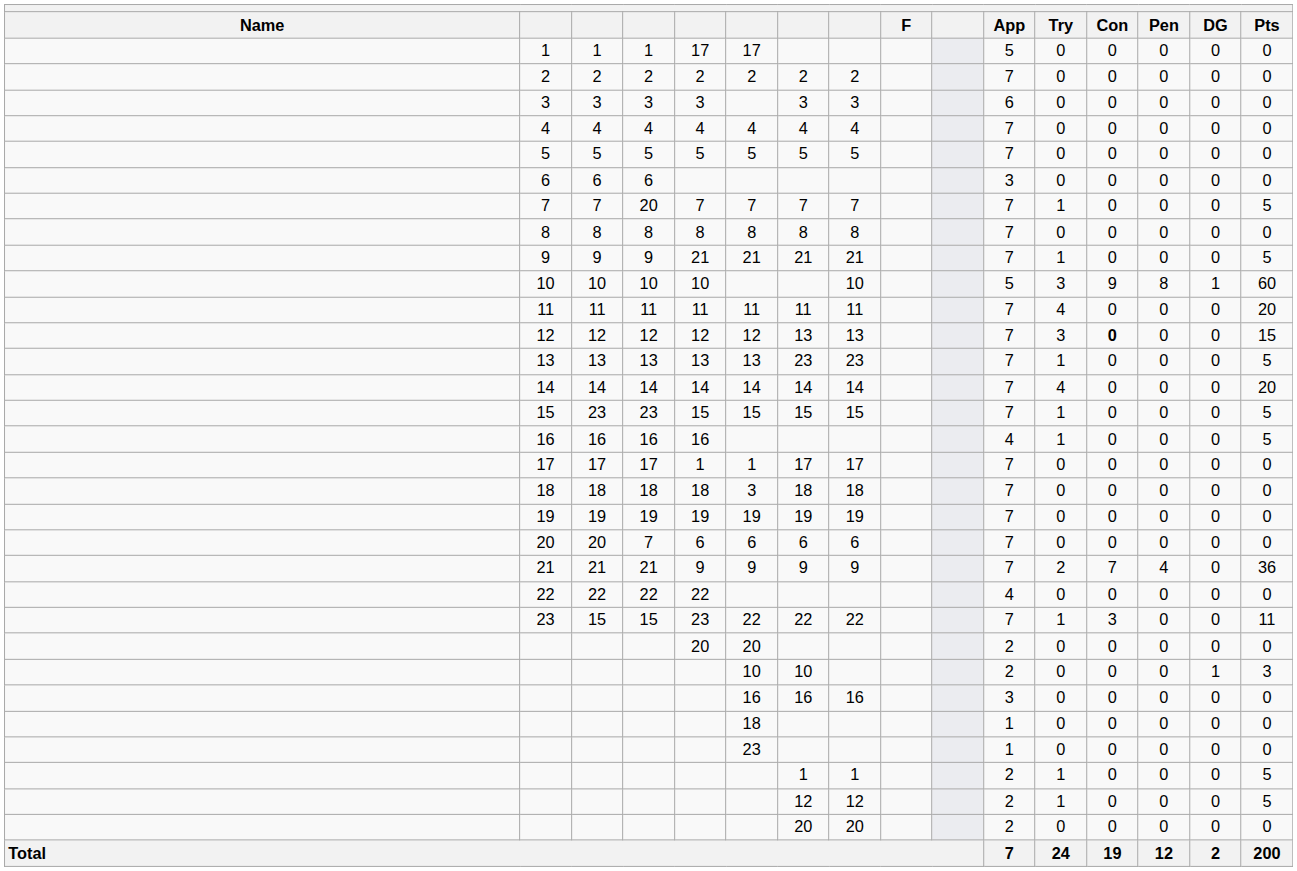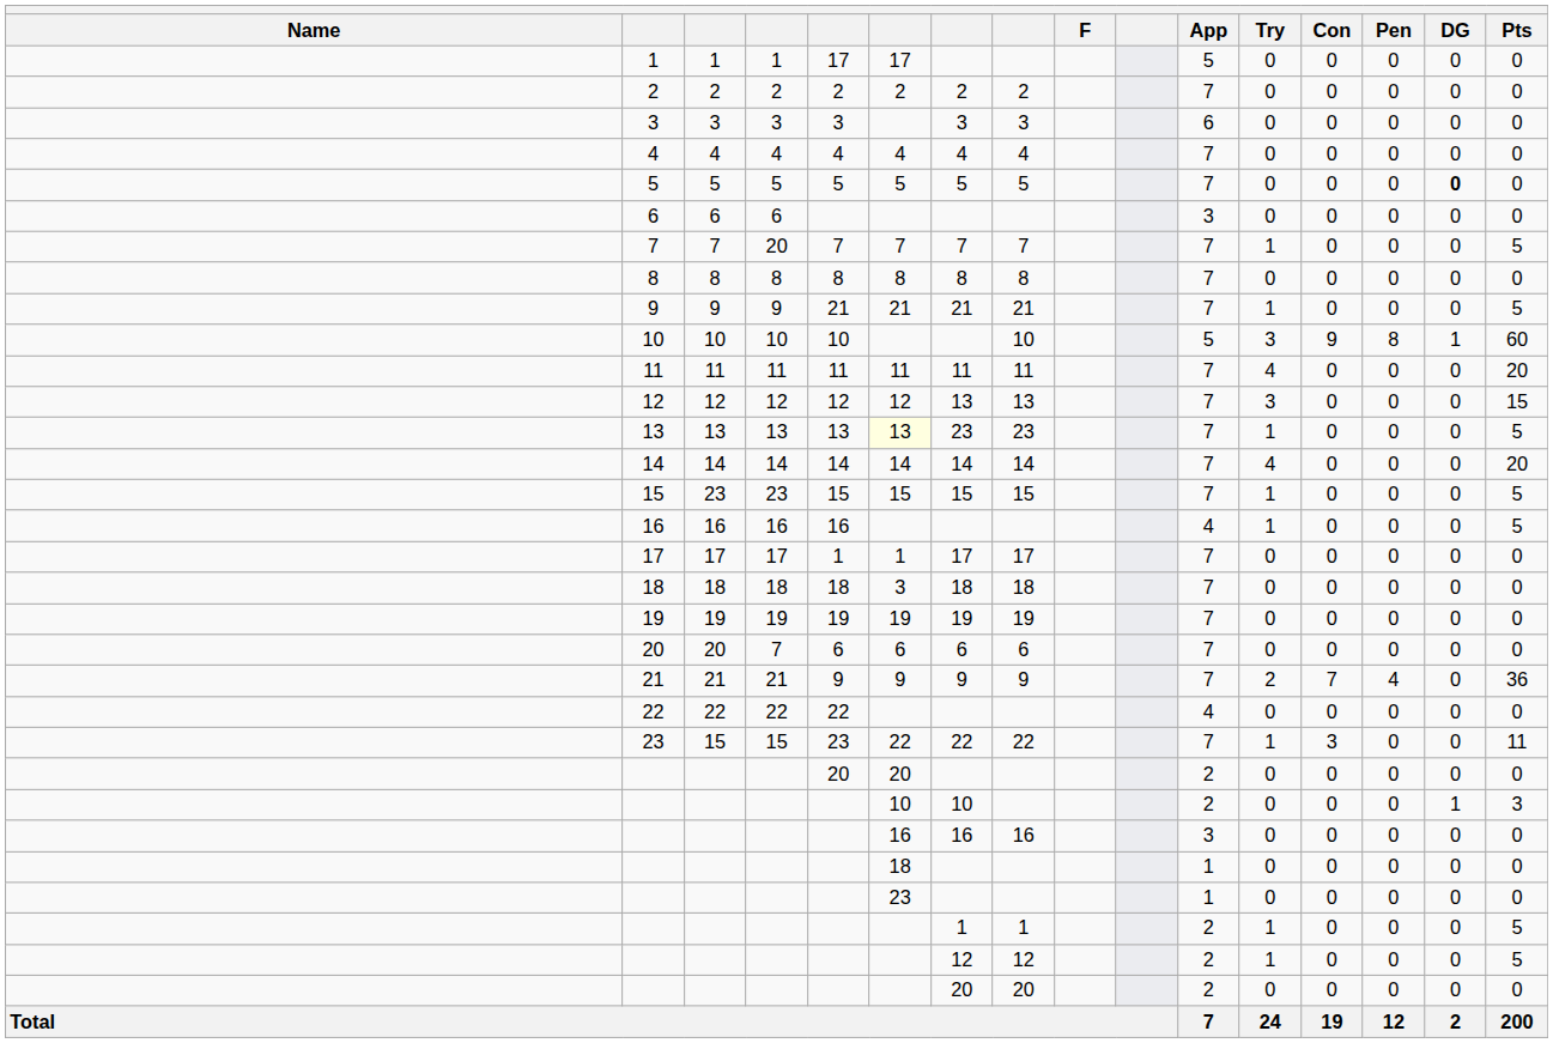 <table class="wikitable collapsible collapsed" style="text-align:center; font-size:100%; width:100%">
 <tr>
 <th colspan="100%"></th>
 </tr>
 <tr>
 <th style="width:40%;">Name</th>
 <th style="width:4%;"></th>
 <th style="width:4%;"></th>
 <th style="width:4%;"></th>
 <th style="width:4%;"></th>
 <th style="width:4%;"></th>
 <th style="width:4%;"></th>
 <th style="width:4%;"></th>
 <th style="width:4%;">F</th>
 <th style="width:4%;"></th>
 <th style="width:4%;">App</th>
 <th style="width:4%;">Try</th>
 <th style="width:4%;">Con</th>
 <th style="width:4%;">Pen</th>
 <th style="width:4%;">DG</th>
 <th style="width:4%;">Pts</th>
 </tr>
 <tr>
 <td style="text-align:left;"></td>
 <td>1</td>
 <td>1</td>
 <td>1</td>
 <td>17 </td>
 <td>17 </td>
 <td></td>
 <td></td>
 <td></td>
 <td style="background:#EBECF0;"></td>
 <td>5</td>
 <td>0</td>
 <td>0</td>
 <td>0</td>
 <td>0</td>
 <td>0</td>
 </tr>
 <tr>
 <td style="text-align:left;"></td>
 <td>2</td>
 <td>2</td>
 <td>2</td>
 <td>2</td>
 <td>2</td>
 <td>2</td>
 <td>2</td>
 <td></td>
 <td style="background:#EBECF0;"></td>
 <td>7</td>
 <td>0</td>
 <td>0</td>
 <td>0</td>
 <td>0</td>
 <td>0</td>
 </tr>
 <tr>
 <td style="text-align:left;"></td>
 <td>3</td>
 <td>3</td>
 <td>3</td>
 <td>3</td>
 <td></td>
 <td>3</td>
 <td>3</td>
 <td></td>
 <td style="background:#EBECF0;"></td>
 <td>6</td>
 <td>0</td>
 <td>0</td>
 <td>0</td>
 <td>0</td>
 <td>0</td>
 </tr>
 <tr>
 <td style="text-align:left;"></td>
 <td>4</td>
 <td>4</td>
 <td>4</td>
 <td>4</td>
 <td>4</td>
 <td>4</td>
 <td>4</td>
 <td></td>
 <td style="background:#EBECF0;"></td>
 <td>7</td>
 <td>0</td>
 <td>0</td>
 <td>0</td>
 <td>0</td>
 <td>0</td>
 </tr>
 <tr>
 <td style="text-align:left;"></td>
 <td>5</td>
 <td>5</td>
 <td>5</td>
 <td>5</td>
 <td>5</td>
 <td>5</td>
 <td>5</td>
 <td></td>
 <td style="background:#EBECF0;"></td>
 <td>7</td>
 <td>0</td>
 <td>0</td>
 <td>0</td>
-<td>0</td>
+<td><strong>0</strong></td>
 <td>0</td>
 </tr>
 <tr>
 <td style="text-align:left;"></td>
 <td>6</td>
 <td>6</td>
 <td>6</td>
 <td></td>
 <td></td>
 <td></td>
 <td></td>
 <td></td>
 <td style="background:#EBECF0;"></td>
 <td>3</td>
 <td>0</td>
 <td>0</td>
 <td>0</td>
 <td>0</td>
 <td>0</td>
 </tr>
 <tr>
 <td style="text-align:left;"></td>
 <td>7</td>
 <td>7</td>
 <td>20 </td>
 <td>7</td>
 <td>7</td>
 <td>7</td>
 <td>7</td>
 <td></td>
 <td style="background:#EBECF0;"></td>
 <td>7</td>
 <td>1</td>
 <td>0</td>
 <td>0</td>
 <td>0</td>
 <td>5</td>
 </tr>
 <tr>
 <td style="text-align:left;"></td>
 <td>8</td>
 <td>8</td>
 <td>8</td>
 <td>8</td>
 <td>8</td>
 <td>8</td>
 <td>8</td>
 <td></td>
 <td style="background:#EBECF0;"></td>
 <td>7</td>
 <td>0</td>
 <td>0</td>
 <td>0</td>
 <td>0</td>
 <td>0</td>
 </tr>
 <tr>
 <td style="text-align:left;"></td>
 <td>9</td>
 <td>9</td>
 <td>9</td>
 <td>21 </td>
 <td>21 </td>
 <td>21 </td>
 <td>21 </td>
 <td></td>
 <td style="background:#EBECF0;"></td>
 <td>7</td>
 <td>1</td>
 <td>0</td>
 <td>0</td>
 <td>0</td>
 <td>5</td>
 </tr>
 <tr>
 <td style="text-align:left;"></td>
 <td>10</td>
 <td>10</td>
 <td>10</td>
 <td>10</td>
 <td></td>
 <td></td>
 <td>10</td>
 <td></td>
 <td style="background:#EBECF0;"></td>
 <td>5</td>
 <td>3</td>
 <td>9</td>
 <td>8</td>
 <td>1</td>
 <td>60</td>
 </tr>
 <tr>
 <td style="text-align:left;"></td>
 <td>11</td>
 <td>11</td>
 <td>11</td>
 <td>11</td>
 <td>11</td>
 <td>11</td>
 <td>11</td>
 <td></td>
 <td style="background:#EBECF0;"></td>
 <td>7</td>
 <td>4</td>
 <td>0</td>
 <td>0</td>
 <td>0</td>
 <td>20</td>
 </tr>
 <tr>
 <td style="text-align:left;"></td>
 <td>12</td>
 <td>12</td>
 <td>12</td>
 <td>12</td>
 <td>12</td>
 <td>13</td>
 <td>13</td>
 <td></td>
 <td style="background:#EBECF0;"></td>
 <td>7</td>
 <td>3</td>
-<td><strong>0</strong></td>
+<td>0</td>
 <td>0</td>
 <td>0</td>
 <td>15</td>
 </tr>
 <tr>
 <td style="text-align:left;"></td>
 <td>13</td>
 <td>13</td>
 <td>13</td>
 <td>13</td>
-<td>13</td>
+<td style="background: lightyellow;">13</td>
 <td>23 </td>
 <td>23 </td>
 <td></td>
 <td style="background:#EBECF0;"></td>
 <td>7</td>
 <td>1</td>
 <td>0</td>
 <td>0</td>
 <td>0</td>
 <td>5</td>
 </tr>
 <tr>
 <td style="text-align:left;"></td>
 <td>14</td>
 <td>14</td>
 <td>14</td>
 <td>14</td>
 <td>14</td>
 <td>14</td>
 <td>14</td>
 <td></td>
 <td style="background:#EBECF0;"></td>
 <td>7</td>
 <td>4</td>
 <td>0</td>
 <td>0</td>
 <td>0</td>
 <td>20</td>
 </tr>
 <tr>
 <td style="text-align:left;"></td>
 <td>15</td>
 <td>23 </td>
 <td>23 </td>
 <td>15</td>
 <td>15</td>
 <td>15</td>
 <td>15</td>
 <td></td>
 <td style="background:#EBECF0;"></td>
 <td>7</td>
 <td>1</td>
 <td>0</td>
 <td>0</td>
 <td>0</td>
 <td>5</td>
 </tr>
 <tr>
 <td style="text-align:left;"></td>
 <td>16 </td>
 <td>16 </td>
 <td>16 </td>
 <td>16 </td>
 <td></td>
 <td></td>
 <td></td>
 <td></td>
 <td style="background:#EBECF0;"></td>
 <td>4</td>
 <td>1</td>
 <td>0</td>
 <td>0</td>
 <td>0</td>
 <td>5</td>
 </tr>
 <tr>
 <td style="text-align:left;"></td>
 <td>17 </td>
 <td>17 </td>
 <td>17 </td>
 <td>1</td>
 <td>1</td>
 <td>17 </td>
 <td>17 </td>
 <td></td>
 <td style="background:#EBECF0;"></td>
 <td>7</td>
 <td>0</td>
 <td>0</td>
 <td>0</td>
 <td>0</td>
 <td>0</td>
 </tr>
 <tr>
 <td style="text-align:left;"></td>
 <td>18 </td>
 <td>18 </td>
 <td>18 </td>
 <td>18 </td>
 <td>3</td>
 <td>18 </td>
 <td>18 </td>
 <td></td>
 <td style="background:#EBECF0;"></td>
 <td>7</td>
 <td>0</td>
 <td>0</td>
 <td>0</td>
 <td>0</td>
 <td>0</td>
 </tr>
 <tr>
 <td style="text-align:left;"></td>
 <td>19 </td>
 <td>19 </td>
 <td>19 </td>
 <td>19 </td>
 <td>19 </td>
 <td>19 </td>
 <td>19 </td>
 <td></td>
 <td style="background:#EBECF0;"></td>
 <td>7</td>
 <td>0</td>
 <td>0</td>
 <td>0</td>
 <td>0</td>
 <td>0</td>
 </tr>
 <tr>
 <td style="text-align:left;"></td>
 <td>20 </td>
 <td>20 </td>
 <td>7</td>
 <td>6</td>
 <td>6</td>
 <td>6</td>
 <td>6</td>
 <td></td>
 <td style="background:#EBECF0;"></td>
 <td>7</td>
 <td>0</td>
 <td>0</td>
 <td>0</td>
 <td>0</td>
 <td>0</td>
 </tr>
 <tr>
 <td style="text-align:left;"></td>
 <td>21 </td>
 <td>21 </td>
 <td>21 </td>
 <td>9</td>
 <td>9</td>
 <td>9</td>
 <td>9</td>
 <td></td>
 <td style="background:#EBECF0;"></td>
 <td>7</td>
 <td>2</td>
 <td>7</td>
 <td>4</td>
 <td>0</td>
 <td>36</td>
 </tr>
 <tr>
 <td style="text-align:left;"></td>
 <td>22 </td>
 <td>22 </td>
 <td>22 </td>
 <td>22 </td>
 <td></td>
 <td></td>
 <td></td>
 <td></td>
 <td style="background:#EBECF0;"></td>
 <td>4</td>
 <td>0</td>
 <td>0</td>
 <td>0</td>
 <td>0</td>
 <td>0</td>
 </tr>
 <tr>
 <td style="text-align:left;"></td>
 <td>23 </td>
 <td>15</td>
 <td>15</td>
 <td>23 </td>
 <td>22 </td>
 <td>22 </td>
 <td>22 </td>
 <td></td>
 <td style="background:#EBECF0;"></td>
 <td>7</td>
 <td>1</td>
 <td>3</td>
 <td>0</td>
 <td>0</td>
 <td>11</td>
 </tr>
 <tr>
 <td style="text-align:left;"></td>
 <td></td>
 <td></td>
 <td></td>
 <td>20 </td>
 <td>20 </td>
 <td></td>
 <td></td>
 <td></td>
 <td style="background:#EBECF0;"></td>
 <td>2</td>
 <td>0</td>
 <td>0</td>
 <td>0</td>
 <td>0</td>
 <td>0</td>
 </tr>
 <tr>
 <td style="text-align:left;"></td>
 <td></td>
 <td></td>
 <td></td>
 <td></td>
 <td>10</td>
 <td>10</td>
 <td></td>
 <td></td>
 <td style="background:#EBECF0;"></td>
 <td>2</td>
 <td>0</td>
 <td>0</td>
 <td>0</td>
 <td>1</td>
 <td>3</td>
 </tr>
 <tr>
 <td style="text-align:left;"></td>
 <td></td>
 <td></td>
 <td></td>
 <td></td>
 <td>16 </td>
 <td>16 </td>
 <td>16 </td>
 <td></td>
 <td style="background:#EBECF0;"></td>
 <td>3</td>
 <td>0</td>
 <td>0</td>
 <td>0</td>
 <td>0</td>
 <td>0</td>
 </tr>
 <tr>
 <td style="text-align:left;"></td>
 <td></td>
 <td></td>
 <td></td>
 <td></td>
 <td>18 </td>
 <td></td>
 <td></td>
 <td></td>
 <td style="background:#EBECF0;"></td>
 <td>1</td>
 <td>0</td>
 <td>0</td>
 <td>0</td>
 <td>0</td>
 <td>0</td>
 </tr>
 <tr>
 <td style="text-align:left;"></td>
 <td></td>
 <td></td>
 <td></td>
 <td></td>
 <td>23 </td>
 <td></td>
 <td></td>
 <td></td>
 <td style="background:#EBECF0;"></td>
 <td>1</td>
 <td>0</td>
 <td>0</td>
 <td>0</td>
 <td>0</td>
 <td>0</td>
 </tr>
 <tr>
 <td style="text-align:left;"></td>
 <td></td>
 <td></td>
 <td></td>
 <td></td>
 <td></td>
 <td>1</td>
 <td>1</td>
 <td></td>
 <td style="background:#EBECF0;"></td>
 <td>2</td>
 <td>1</td>
 <td>0</td>
 <td>0</td>
 <td>0</td>
 <td>5</td>
 </tr>
 <tr>
 <td style="text-align:left;"></td>
 <td></td>
 <td></td>
 <td></td>
 <td></td>
 <td></td>
 <td>12</td>
 <td>12</td>
 <td></td>
 <td style="background:#EBECF0;"></td>
 <td>2</td>
 <td>1</td>
 <td>0</td>
 <td>0</td>
 <td>0</td>
 <td>5</td>
 </tr>
 <tr>
 <td style="text-align:left;"></td>
 <td></td>
 <td></td>
 <td></td>
 <td></td>
 <td></td>
 <td>20 </td>
 <td>20 </td>
 <td></td>
 <td style="background:#EBECF0;"></td>
 <td>2</td>
 <td>0</td>
 <td>0</td>
 <td>0</td>
 <td>0</td>
 <td>0</td>
 </tr>
 <tr>
 <th colspan="10" style="text-align:left;">Total</th>
 <th>7</th>
 <th>24</th>
 <th>19</th>
 <th>12</th>
 <th>2</th>
 <th>200</th>
 </tr>
 </table>
